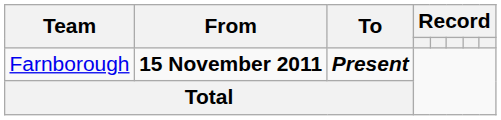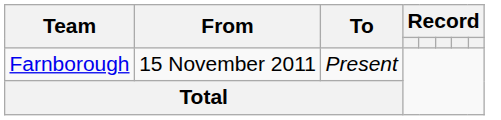 <table class=wikitable style=text-align:center>
 <tr>
 <th rowspan=2>Team</th>
 <th rowspan=2>From</th>
 <th rowspan=2>To</th>
 <th colspan=5>Record</th>
 </tr>
 <tr>
 <th></th>
 <th></th>
 <th></th>
 <th></th>
 <th></th>
 </tr>
 <tr>
 <td align=left><a href='#'>Farnborough</a></td>
-<td align=left><strong>15 November 2011</strong></td>
-<td align=left><strong><em>Present</em><br></strong></td>
+<td align=left>15 November 2011</td>
+<td align=left><em>Present</em><br></td>
 </tr>
 <tr>
 <th colspan=3>Total<br></th>
 </tr>
 </table>
